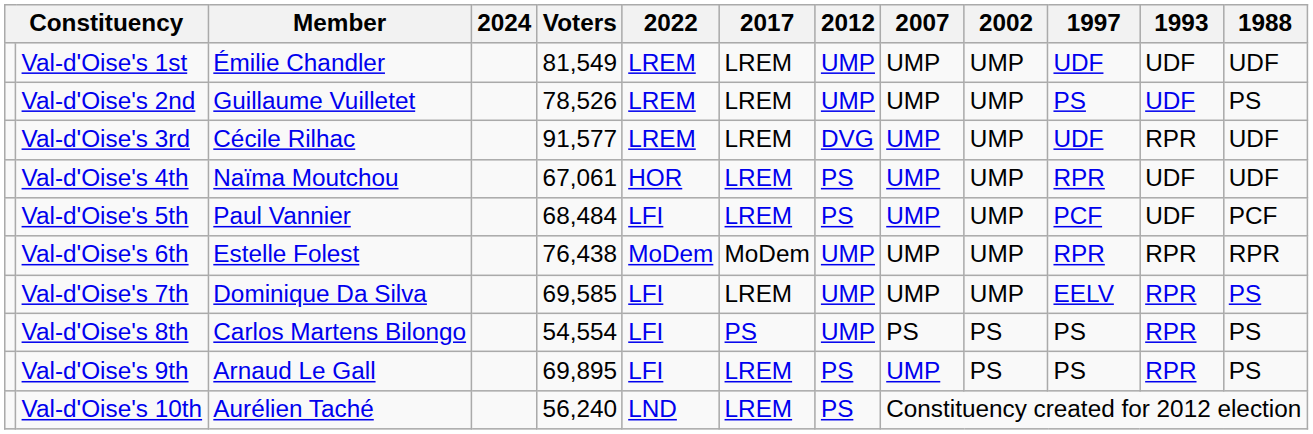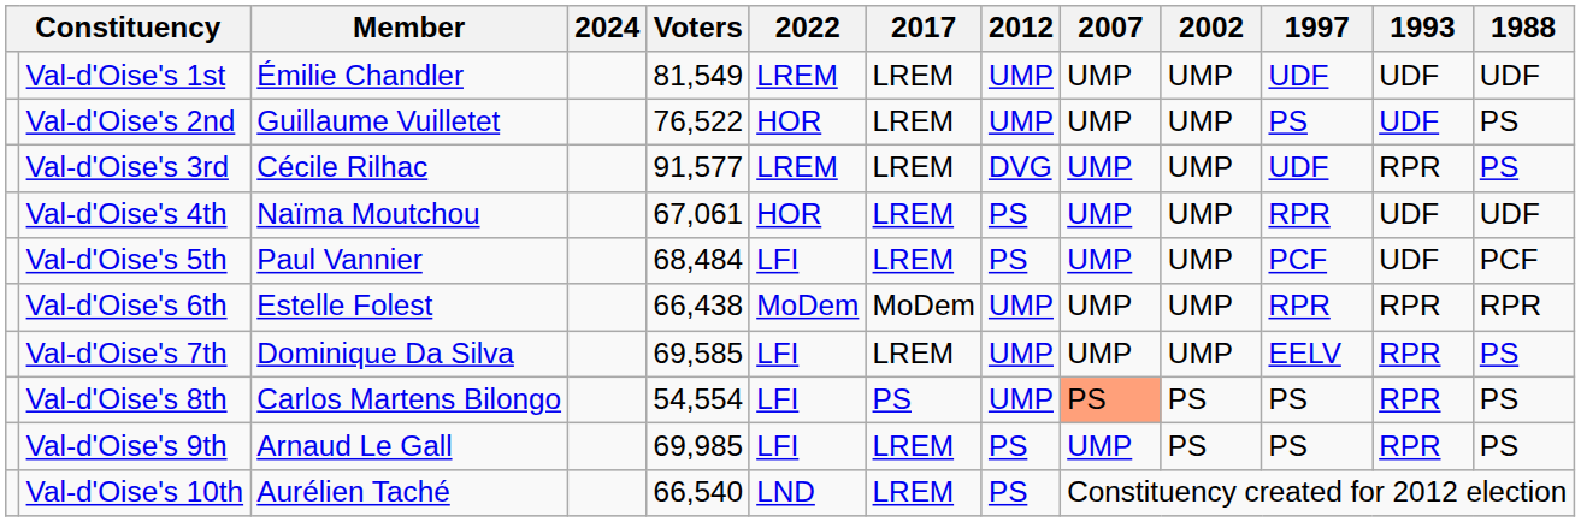 <table class="wikitable sortable">
 <tr>
 <th colspan="2">Constituency</th>
 <th>Member</th>
 <th>2024</th>
 <th>Voters</th>
 <th>2022</th>
 <th>2017</th>
 <th>2012</th>
 <th>2007</th>
 <th>2002</th>
 <th>1997</th>
 <th>1993</th>
 <th>1988</th>
 </tr>
 <tr>
 <td style="background-color: "></td>
 <td><a href='#'>Val-d'Oise's 1st</a></td>
 <td><a href='#'>Émilie Chandler</a></td>
 <td></td>
 <td>81,549</td>
 <td><a href='#'>LREM</a></td>
 <td>LREM</td>
 <td><a href='#'>UMP</a></td>
 <td>UMP</td>
 <td>UMP</td>
 <td><a href='#'>UDF</a></td>
 <td>UDF</td>
 <td>UDF</td>
 </tr>
 <tr>
 <td style="background-color: "></td>
 <td><a href='#'>Val-d'Oise's 2nd</a></td>
 <td><a href='#'>Guillaume Vuilletet</a></td>
 <td></td>
-<td>78,526</td>
-<td><a href='#'>LREM</a></td>
+<td>76,522</td>
+<td><a href='#'>HOR</a></td>
 <td>LREM</td>
 <td><a href='#'>UMP</a></td>
 <td>UMP</td>
 <td>UMP</td>
 <td><a href='#'>PS</a></td>
 <td><a href='#'>UDF</a></td>
 <td>PS</td>
 </tr>
 <tr>
 <td style="background-color: "></td>
 <td><a href='#'>Val-d'Oise's 3rd</a></td>
 <td><a href='#'>Cécile Rilhac</a></td>
 <td></td>
 <td>91,577</td>
 <td><a href='#'>LREM</a></td>
 <td>LREM</td>
 <td><a href='#'>DVG</a></td>
 <td><a href='#'>UMP</a></td>
 <td>UMP</td>
 <td><a href='#'>UDF</a></td>
 <td>RPR</td>
-<td>UDF</td>
+<td><a href='#'>PS</a></td>
 </tr>
 <tr>
 <td style="background-color: "></td>
 <td><a href='#'>Val-d'Oise's 4th</a></td>
 <td><a href='#'>Naïma Moutchou</a></td>
 <td></td>
 <td>67,061</td>
 <td><a href='#'>HOR</a></td>
 <td><a href='#'>LREM</a></td>
 <td><a href='#'>PS</a></td>
 <td><a href='#'>UMP</a></td>
 <td>UMP</td>
 <td><a href='#'>RPR</a></td>
 <td>UDF</td>
 <td>UDF</td>
 </tr>
 <tr>
 <td style="background-color: "></td>
 <td><a href='#'>Val-d'Oise's 5th</a></td>
 <td><a href='#'>Paul Vannier</a></td>
 <td></td>
 <td>68,484</td>
 <td><a href='#'>LFI</a></td>
 <td><a href='#'>LREM</a></td>
 <td><a href='#'>PS</a></td>
 <td><a href='#'>UMP</a></td>
 <td>UMP</td>
 <td><a href='#'>PCF</a></td>
 <td>UDF</td>
 <td>PCF</td>
 </tr>
 <tr>
 <td style="background-color: "></td>
 <td><a href='#'>Val-d'Oise's 6th</a></td>
 <td><a href='#'>Estelle Folest</a></td>
 <td></td>
-<td>76,438</td>
+<td>66,438</td>
 <td><a href='#'>MoDem</a></td>
 <td>MoDem</td>
 <td><a href='#'>UMP</a></td>
 <td>UMP</td>
 <td>UMP</td>
 <td><a href='#'>RPR</a></td>
 <td>RPR</td>
 <td>RPR</td>
 </tr>
 <tr>
 <td style="background-color: "></td>
 <td><a href='#'>Val-d'Oise's 7th</a></td>
 <td><a href='#'>Dominique Da Silva</a></td>
 <td></td>
 <td>69,585</td>
 <td><a href='#'>LFI</a></td>
 <td>LREM</td>
 <td><a href='#'>UMP</a></td>
 <td>UMP</td>
 <td>UMP</td>
 <td><a href='#'>EELV</a></td>
 <td><a href='#'>RPR</a></td>
 <td><a href='#'>PS</a></td>
 </tr>
 <tr>
 <td style="background-color: "></td>
 <td><a href='#'>Val-d'Oise's 8th</a></td>
 <td><a href='#'>Carlos Martens Bilongo</a></td>
 <td></td>
 <td>54,554</td>
 <td><a href='#'>LFI</a></td>
 <td><a href='#'>PS</a></td>
 <td><a href='#'>UMP</a></td>
-<td>PS</td>
+<td style="background: lightsalmon;">PS</td>
 <td>PS</td>
 <td>PS</td>
 <td><a href='#'>RPR</a></td>
 <td>PS</td>
 </tr>
 <tr>
 <td style="background-color: "></td>
 <td><a href='#'>Val-d'Oise's 9th</a></td>
 <td><a href='#'>Arnaud Le Gall</a></td>
 <td></td>
-<td>69,895</td>
+<td>69,985</td>
 <td><a href='#'>LFI</a></td>
 <td><a href='#'>LREM</a></td>
 <td><a href='#'>PS</a></td>
 <td><a href='#'>UMP</a></td>
 <td>PS</td>
 <td>PS</td>
 <td><a href='#'>RPR</a></td>
 <td>PS</td>
 </tr>
 <tr>
 <td style="background-color: "></td>
 <td><a href='#'>Val-d'Oise's 10th</a></td>
 <td><a href='#'>Aurélien Taché</a></td>
 <td></td>
-<td>56,240</td>
+<td>66,540</td>
 <td><a href='#'>LND</a></td>
 <td><a href='#'>LREM</a></td>
 <td><a href='#'>PS</a></td>
 <td colspan="5">Constituency created for 2012 election</td>
 </tr>
 </table>
